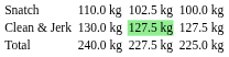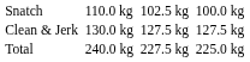 <table>
 <tr>
 <td>Snatch</td>
 <td></td>
 <td>110.0 kg</td>
 <td></td>
 <td>102.5 kg</td>
 <td></td>
 <td>100.0 kg</td>
 </tr>
 <tr>
 <td>Clean & Jerk</td>
 <td></td>
 <td>130.0 kg</td>
 <td></td>
-<td style="background: lightgreen;">127.5 kg</td>
+<td>127.5 kg</td>
 <td></td>
 <td>127.5 kg</td>
 </tr>
 <tr>
 <td>Total</td>
 <td></td>
 <td>240.0 kg</td>
 <td></td>
 <td>227.5 kg</td>
 <td></td>
 <td>225.0 kg</td>
 </tr>
 </table>
